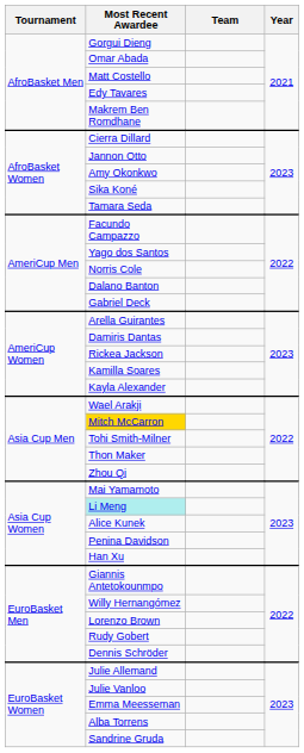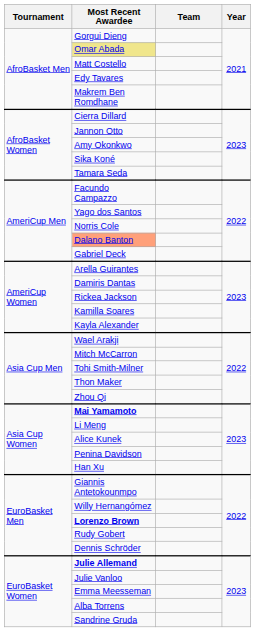 <table class="wikitable" style="width: 45%; font-size:90%">
 <tr>
 <th width=15%>Tournament</th>
 <th width=20%>Most Recent Awardee</th>
 <th width=20%>Team</th>
 <th width=5%>Year</th>
 </tr>
 <tr>
 <td rowspan=5><a href='#'>AfroBasket Men</a></td>
 <td><a href='#'>Gorgui Dieng</a></td>
 <td></td>
 <td rowspan=5; align=center><a href='#'>2021</a></td>
 </tr>
 <tr>
-<td><a href='#'>Omar Abada</a></td>
+<td style="background: khaki;"><a href='#'>Omar Abada</a></td>
 <td></td>
 </tr>
 <tr>
 <td><a href='#'>Matt Costello</a></td>
 <td></td>
 </tr>
 <tr>
 <td><a href='#'>Edy Tavares</a></td>
 <td></td>
 </tr>
 <tr>
 <td><a href='#'>Makrem Ben Romdhane</a></td>
 <td></td>
 </tr>
 <tr style = "border-top:2px solid black;">
 <td rowspan=5><a href='#'>AfroBasket Women</a></td>
 <td><a href='#'>Cierra Dillard</a></td>
 <td></td>
 <td rowspan=5; align=center><a href='#'>2023</a></td>
 </tr>
 <tr>
 <td><a href='#'>Jannon Otto</a></td>
 <td></td>
 </tr>
 <tr>
 <td><a href='#'>Amy Okonkwo</a></td>
 <td></td>
 </tr>
 <tr>
 <td><a href='#'>Sika Koné</a></td>
 <td></td>
 </tr>
 <tr>
 <td><a href='#'>Tamara Seda</a></td>
 <td></td>
 </tr>
 <tr style = "border-top:2px solid black;">
 <td rowspan=5><a href='#'>AmeriCup Men</a></td>
 <td><a href='#'>Facundo Campazzo</a></td>
 <td></td>
 <td rowspan=5; align=center><a href='#'>2022</a></td>
 </tr>
 <tr>
 <td><a href='#'>Yago dos Santos</a></td>
 <td></td>
 </tr>
 <tr>
 <td><a href='#'>Norris Cole</a></td>
 <td></td>
 </tr>
 <tr>
-<td><a href='#'>Dalano Banton</a></td>
+<td style="background: lightsalmon;"><a href='#'>Dalano Banton</a></td>
 <td></td>
 </tr>
 <tr>
 <td><a href='#'>Gabriel Deck</a></td>
 <td></td>
 </tr>
 <tr style = "border-top:2px solid black;">
 <td rowspan=5><a href='#'>AmeriCup Women</a></td>
 <td><a href='#'>Arella Guirantes</a></td>
 <td></td>
 <td rowspan=5; align=center><a href='#'>2023</a></td>
 </tr>
 <tr>
 <td align=left><a href='#'>Damiris Dantas</a></td>
 <td align=left></td>
 </tr>
 <tr>
 <td align=left><a href='#'>Rickea Jackson</a></td>
 <td align=left></td>
 </tr>
 <tr>
 <td align=left><a href='#'>Kamilla Soares</a></td>
 <td align=left></td>
 </tr>
 <tr>
 <td align=left><a href='#'>Kayla Alexander</a></td>
 <td align=left></td>
 </tr>
 <tr style = "border-top:2px solid black;">
 <td rowspan=5><a href='#'>Asia Cup Men</a></td>
 <td><a href='#'>Wael Arakji</a></td>
 <td></td>
 <td rowspan=5; align=center><a href='#'>2022</a></td>
 </tr>
 <tr>
-<td style="background: gold;"><a href='#'>Mitch McCarron</a></td>
+<td><a href='#'>Mitch McCarron</a></td>
 <td></td>
 </tr>
 <tr>
 <td><a href='#'>Tohi Smith-Milner</a></td>
 <td></td>
 </tr>
 <tr>
 <td><a href='#'>Thon Maker</a></td>
 <td></td>
 </tr>
 <tr>
 <td><a href='#'>Zhou Qi</a></td>
 <td></td>
 </tr>
 <tr style = "border-top:2px solid black;">
 <td rowspan=5><a href='#'>Asia Cup Women</a></td>
-<td><a href='#'>Mai Yamamoto</a></td>
+<td><strong><a href='#'>Mai Yamamoto</a></strong></td>
 <td></td>
 <td rowspan=5; align=center><a href='#'>2023</a></td>
 </tr>
 <tr>
-<td style="background: paleturquoise;"><a href='#'>Li Meng</a></td>
+<td><a href='#'>Li Meng</a></td>
 <td></td>
 </tr>
 <tr>
 <td><a href='#'>Alice Kunek</a></td>
 <td></td>
 </tr>
 <tr>
 <td><a href='#'>Penina Davidson</a></td>
 <td></td>
 </tr>
 <tr>
 <td><a href='#'>Han Xu</a></td>
 <td></td>
 </tr>
 <tr style = "border-top:2px solid black;">
 <td rowspan=5><a href='#'>EuroBasket Men</a></td>
 <td><a href='#'>Giannis Antetokounmpo</a></td>
 <td></td>
 <td rowspan=5; align=center><a href='#'>2022</a></td>
 </tr>
 <tr>
 <td><a href='#'>Willy Hernangómez</a></td>
 <td></td>
 </tr>
 <tr>
-<td><a href='#'>Lorenzo Brown</a></td>
+<td><strong><a href='#'>Lorenzo Brown</a></strong></td>
 <td></td>
 </tr>
 <tr>
 <td><a href='#'>Rudy Gobert</a></td>
 <td></td>
 </tr>
 <tr>
 <td><a href='#'>Dennis Schröder</a></td>
 <td></td>
 </tr>
 <tr style = "border-top:2px solid black;">
 <td rowspan=5><a href='#'>EuroBasket Women</a></td>
-<td><a href='#'>Julie Allemand</a></td>
+<td><strong><a href='#'>Julie Allemand</a></strong></td>
 <td></td>
 <td rowspan=5; align=center><a href='#'>2023</a></td>
 </tr>
 <tr>
 <td><a href='#'>Julie Vanloo</a></td>
 <td></td>
 </tr>
 <tr>
 <td><a href='#'>Emma Meesseman</a></td>
 <td></td>
 </tr>
 <tr>
 <td><a href='#'>Alba Torrens</a></td>
 <td></td>
 </tr>
 <tr>
 <td><a href='#'>Sandrine Gruda</a></td>
 <td></td>
 </tr>
 </table>
